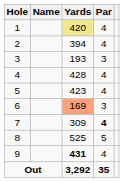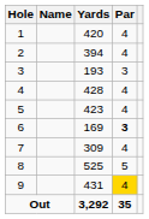 <table class=wikitable style="text-align:center">
 <tr>
 <th>Hole</th>
 <th>Name</th>
 <th>Yards</th>
 <th>Par</th>
 <th></th>
 </tr>
 <tr>
 <td>1</td>
 <td align=left></td>
-<td style="background: khaki;">420</td>
+<td>420</td>
 <td>4</td>
 <td></td>
 </tr>
 <tr>
 <td>2</td>
 <td align=left></td>
 <td>394</td>
 <td>4</td>
 <td></td>
 </tr>
 <tr>
 <td>3</td>
 <td align=left></td>
 <td>193</td>
 <td>3</td>
 <td></td>
 </tr>
 <tr>
 <td>4</td>
 <td align=left></td>
 <td>428</td>
 <td>4</td>
 <td></td>
 </tr>
 <tr>
 <td>5</td>
 <td align=left></td>
 <td>423</td>
 <td>4</td>
 <td></td>
 </tr>
 <tr>
 <td>6</td>
 <td align=left></td>
-<td style="background: lightsalmon;">169</td>
-<td>3</td>
+<td>169</td>
+<td><strong>3</strong></td>
 <td></td>
 </tr>
 <tr>
 <td>7</td>
 <td align=left></td>
 <td>309</td>
-<td><strong>4</strong></td>
+<td>4</td>
 <td></td>
 </tr>
 <tr>
 <td>8</td>
 <td align=left></td>
 <td>525</td>
 <td>5</td>
 <td></td>
 </tr>
 <tr>
 <td>9</td>
 <td align=left></td>
-<td><strong>431</strong></td>
-<td>4</td>
+<td>431</td>
+<td style="background: gold;">4</td>
 <td></td>
 </tr>
 <tr>
 <td colspan=2><strong>Out</strong></td>
 <td><strong>3,292</strong></td>
 <td><strong>35</strong></td>
 <td></td>
 </tr>
 </table>
